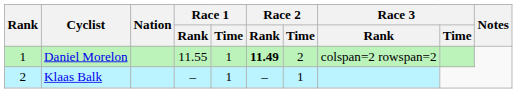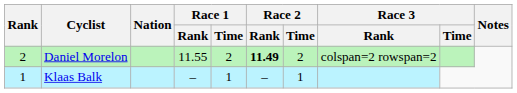 <table class="wikitable sortable" style="text-align:center">
 <tr>
 <th rowspan=2>Rank</th>
 <th rowspan=2>Cyclist</th>
 <th rowspan=2>Nation</th>
 <th colspan=2>Race 1</th>
 <th colspan=2>Race 2</th>
 <th colspan=2>Race 3</th>
 <th rowspan=2>Notes</th>
 </tr>
 <tr>
 <th>Rank</th>
 <th>Time</th>
 <th>Rank</th>
 <th>Time</th>
 <th>Rank</th>
 <th>Time</th>
 </tr>
 <tr bgcolor=bbf3bb>
-<td>1</td>
+<td>2</td>
 <td align=left data-sort-value="Morelon, Daniel"><a href='#'>Daniel Morelon</a></td>
 <td align=left></td>
 <td>11.55</td>
-<td>1</td>
+<td>2</td>
 <td><strong>11.49</strong></td>
 <td>2</td>
 <td>colspan=2 rowspan=2 </td>
 <td></td>
 </tr>
 <tr bgcolor=bbf3ff>
-<td>2</td>
+<td>1</td>
 <td align=left data-sort-value="Balk, Klaas"><a href='#'>Klaas Balk</a></td>
 <td align=left></td>
 <td>–</td>
 <td>1</td>
 <td>–</td>
 <td>1</td>
 <td></td>
 </tr>
 </table>
